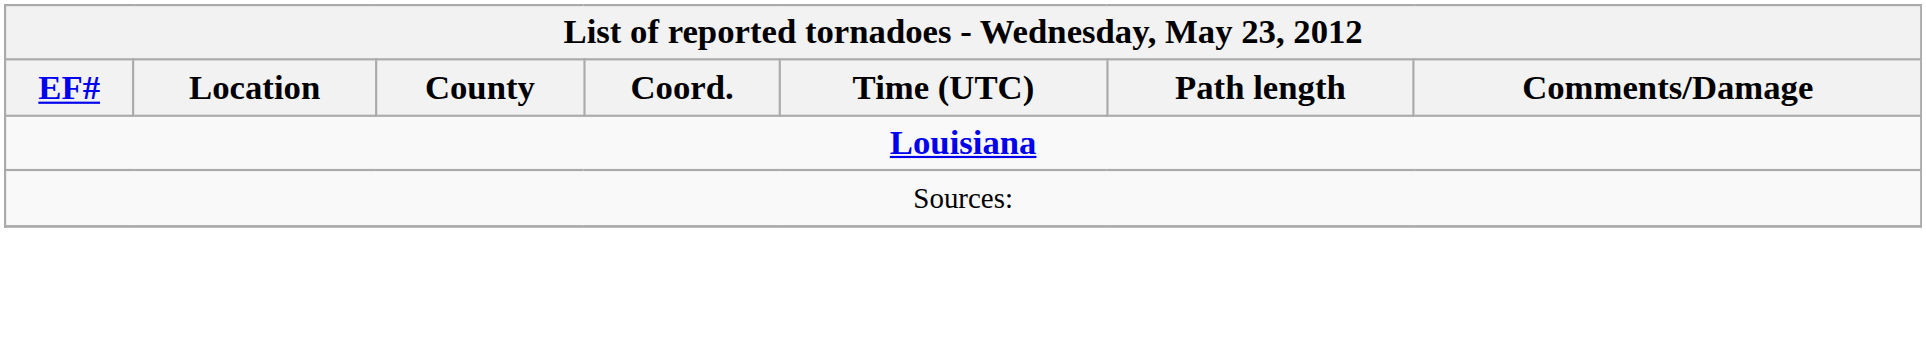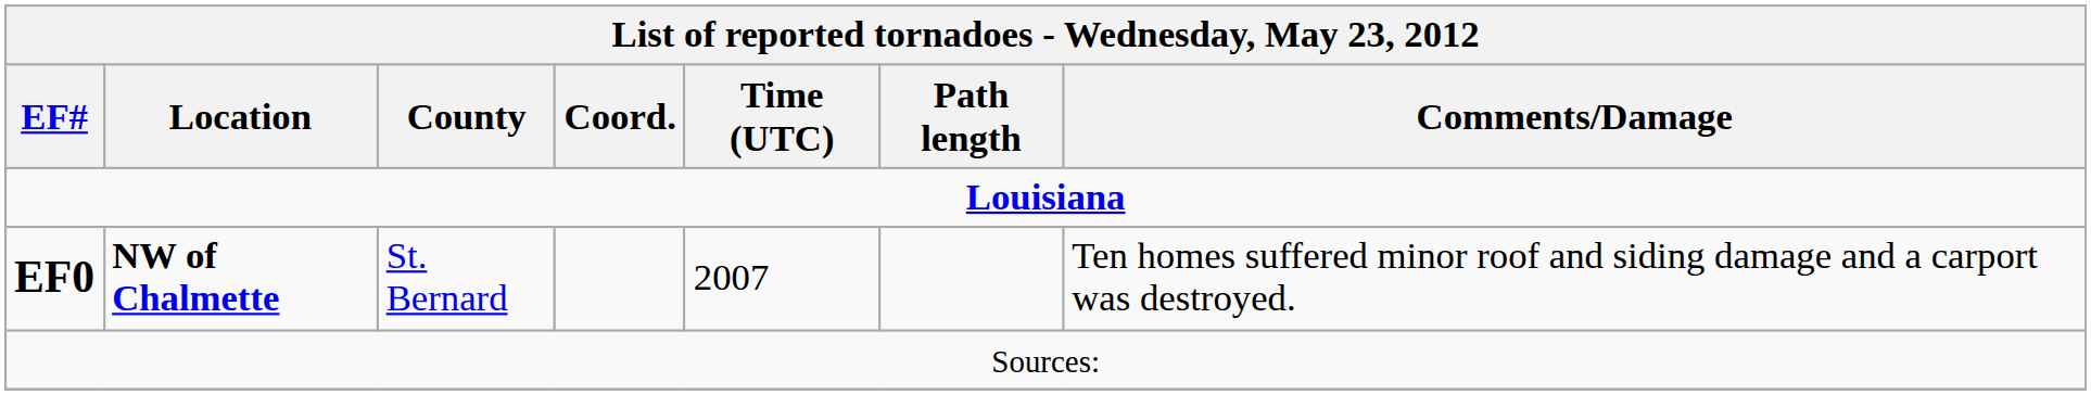 <table class="wikitable collapsible" width="100%">
 <tr>
 <th colspan="7">List of reported tornadoes - Wednesday, May 23, 2012</th>
 </tr>
 <tr>
 <th><a href='#'>EF#</a></th>
 <th>Location</th>
 <th>County</th>
 <th>Coord.</th>
 <th>Time (UTC)</th>
 <th>Path length</th>
 <th>Comments/Damage</th>
 </tr>
 <tr>
 <td colspan="7" align=center><strong><a href='#'>Louisiana</a></strong></td>
 </tr>
 <tr>
+<td><big><strong>EF0</strong></big></td>
+<td><strong>NW of <a href='#'>Chalmette</a></strong></td>
+<td><a href='#'>St. Bernard</a></td>
+<td></td>
+<td>2007</td>
+<td></td>
+<td>Ten homes suffered minor roof and siding damage and a carport was destroyed.</td>
+</tr>
+<tr>
 <td colspan="7" align=center><small>Sources: </small></td>
 </tr>
 <tr>
 </tr>
 </table>
